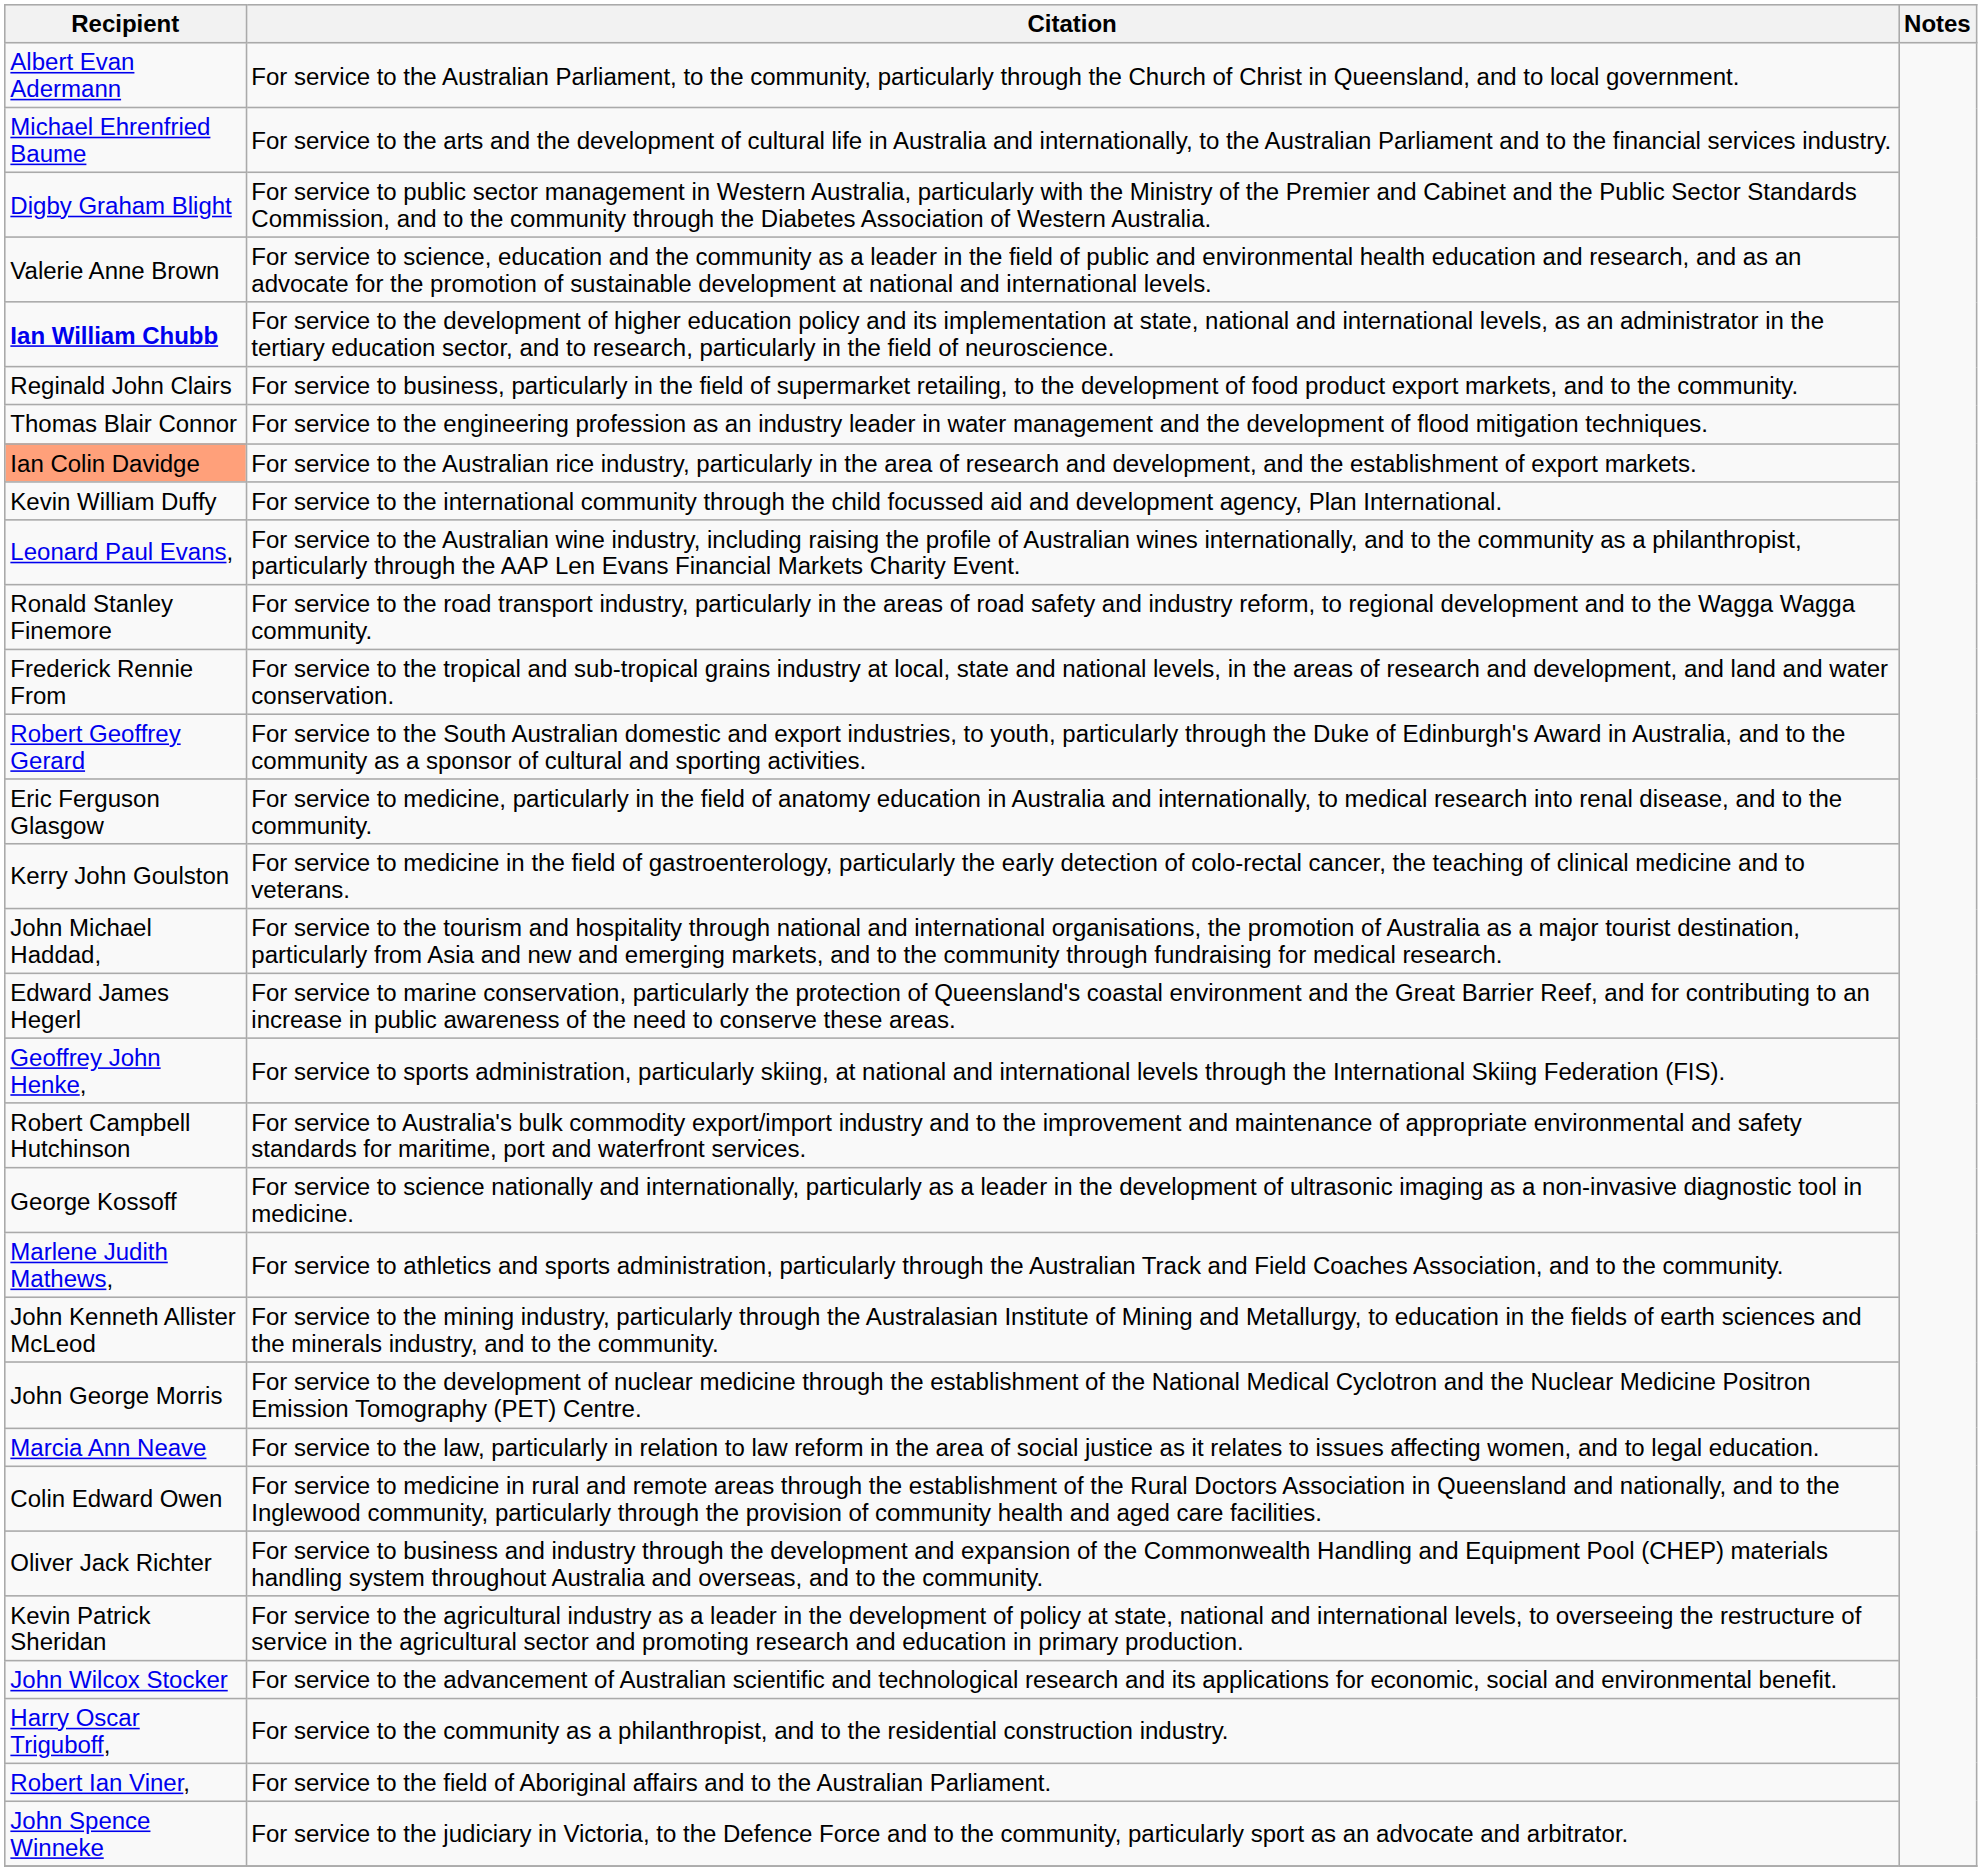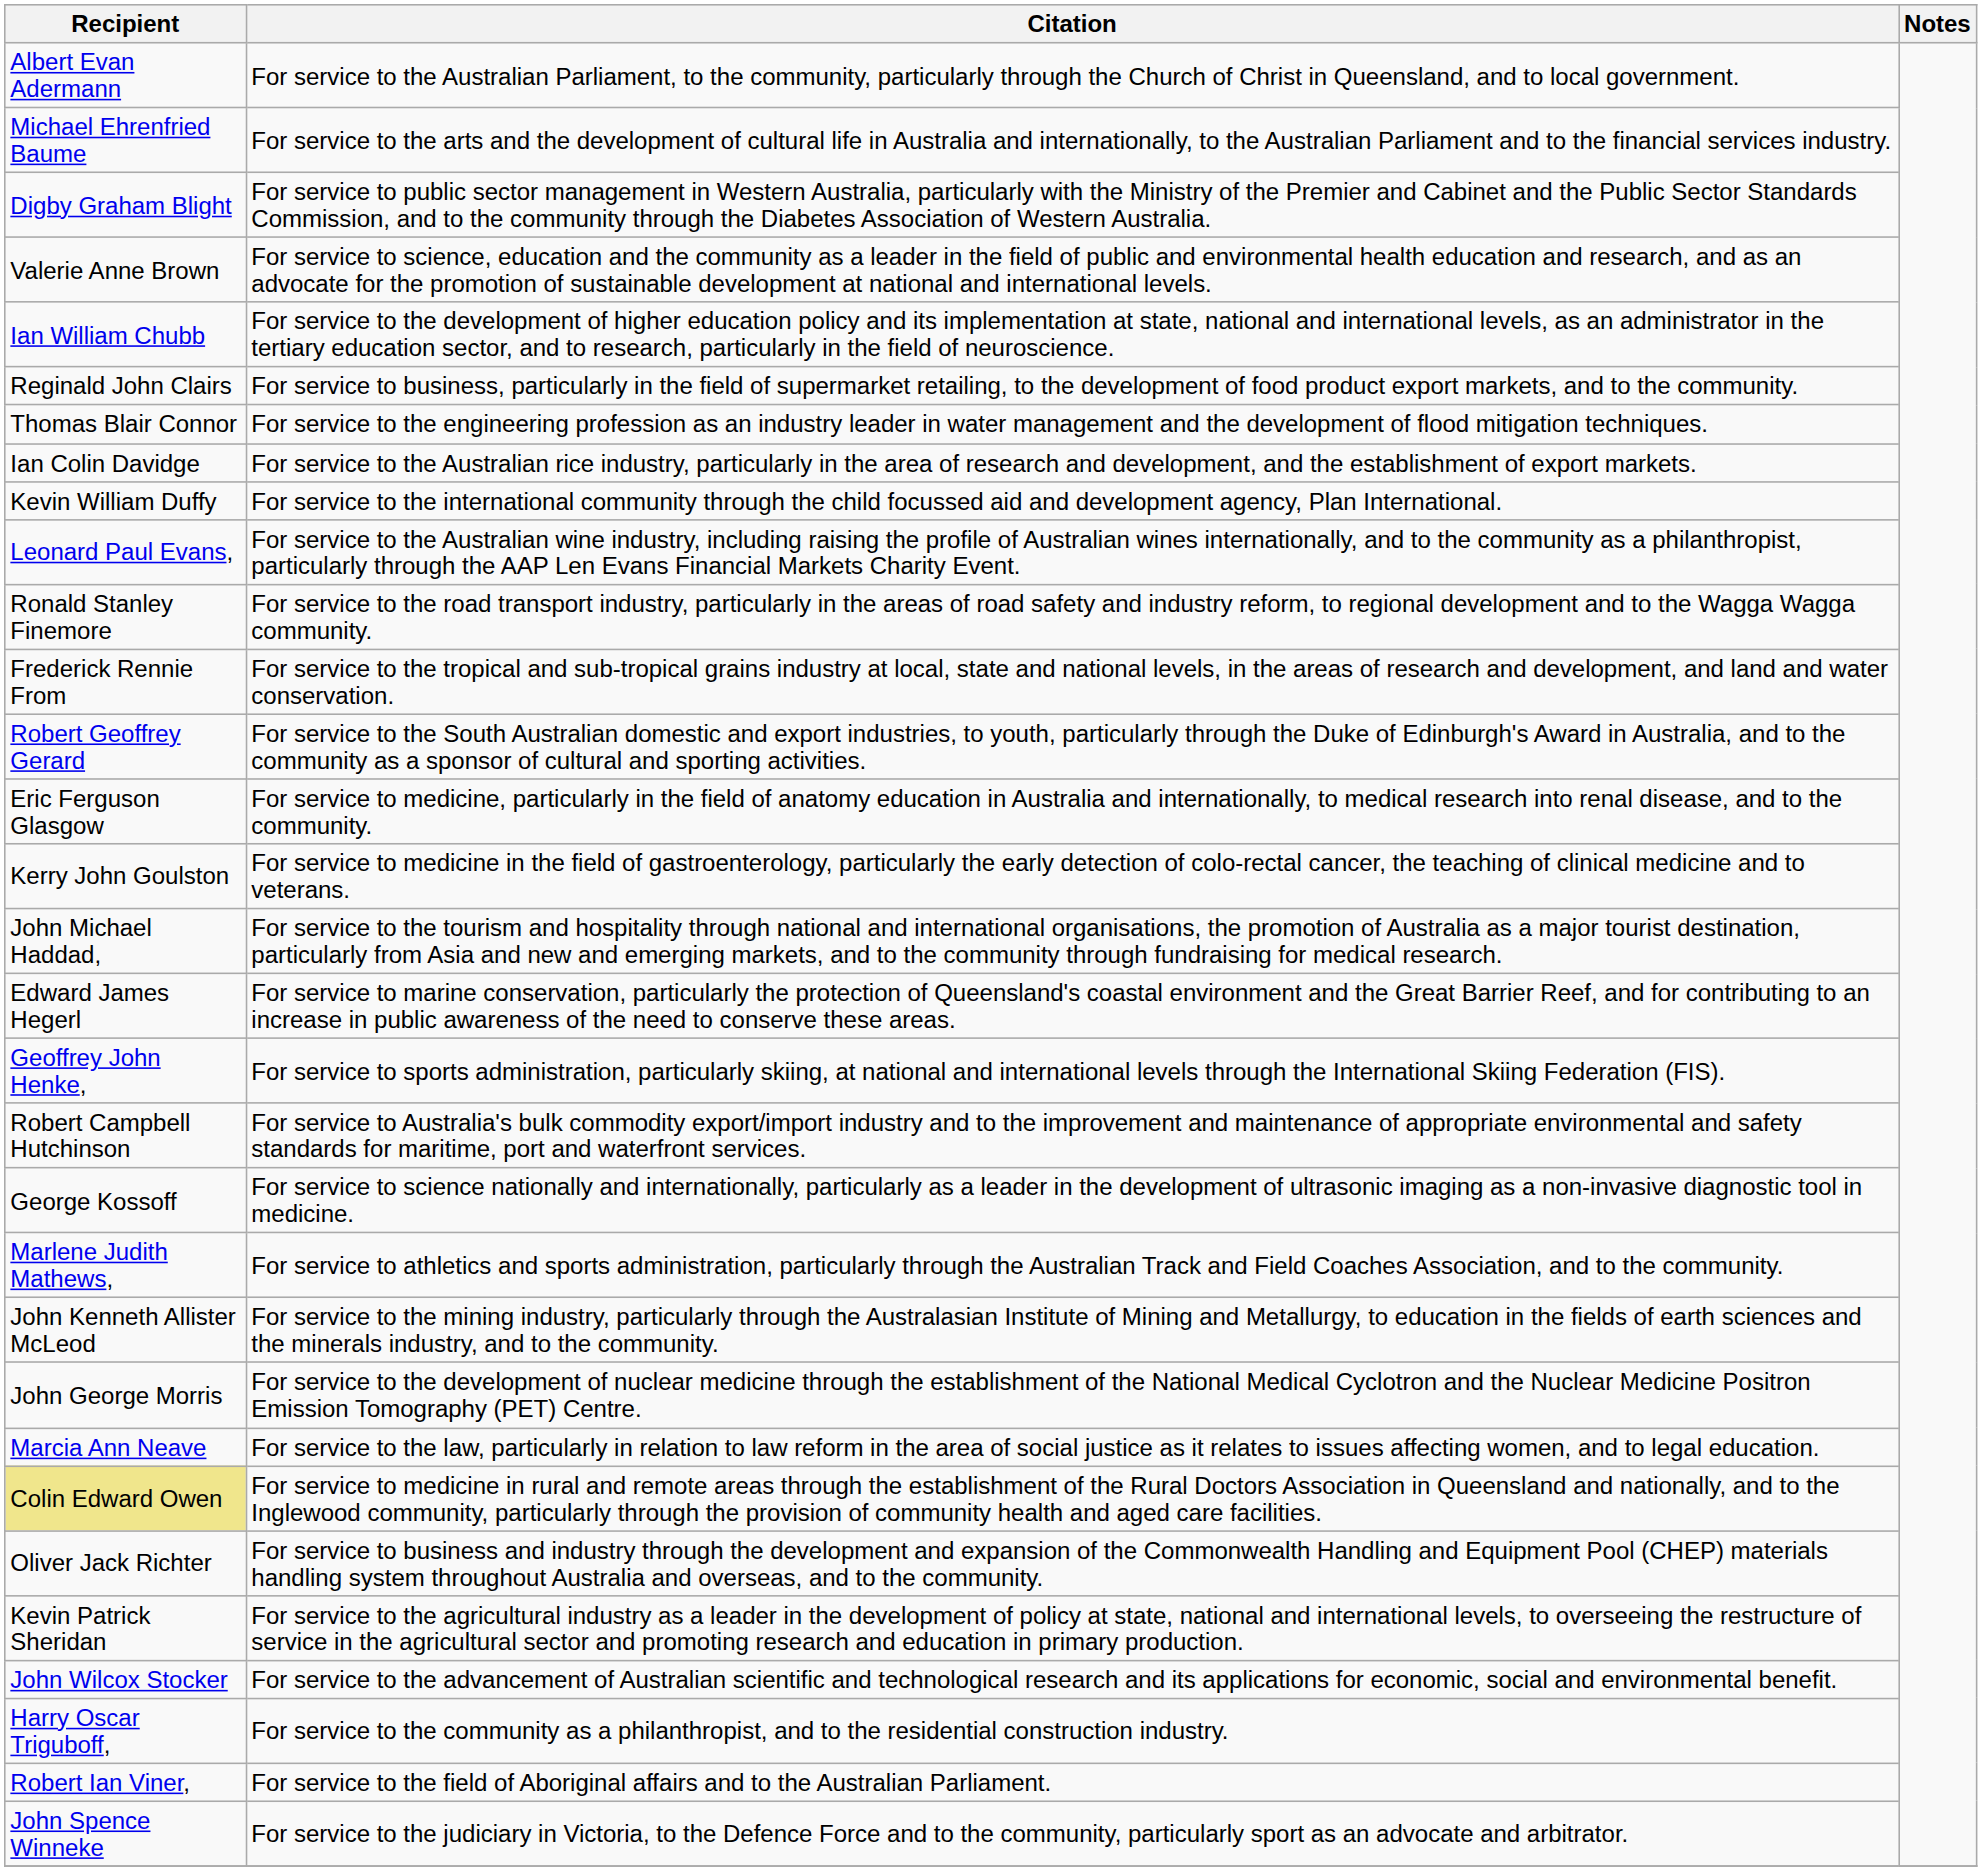 <table class="wikitable" style="font-size:95%;">
 <tr>
 <th>Recipient</th>
 <th>Citation</th>
 <th>Notes</th>
 </tr>
 <tr>
 <td> <a href='#'>Albert Evan Adermann</a></td>
 <td>For service to the Australian Parliament, to the community, particularly through the Church of Christ in Queensland, and to local government.</td>
 <td rowspan=31></td>
 </tr>
 <tr>
 <td><a href='#'>Michael Ehrenfried Baume</a></td>
 <td>For service to the arts and the development of cultural life in Australia and internationally, to the Australian Parliament and to the financial services industry.</td>
 </tr>
 <tr>
 <td><a href='#'>Digby Graham Blight</a></td>
 <td>For service to public sector management in Western Australia, particularly with the Ministry of the Premier and Cabinet and the Public Sector Standards Commission, and to the community through the Diabetes Association of Western Australia.</td>
 </tr>
 <tr>
 <td> Valerie Anne Brown</td>
 <td>For service to science, education and the community as a leader in the field of public and environmental health education and research, and as an advocate for the promotion of sustainable development at national and international levels.</td>
 </tr>
 <tr>
-<td><strong> <a href='#'>Ian William Chubb</a></strong></td>
+<td> <a href='#'>Ian William Chubb</a></td>
 <td>For service to the development of higher education policy and its implementation at state, national and international levels, as an administrator in the tertiary education sector, and to research, particularly in the field of neuroscience.</td>
 </tr>
 <tr>
 <td>Reginald John Clairs</td>
 <td>For service to business, particularly in the field of supermarket retailing, to the development of food product export markets, and to the community.</td>
 </tr>
 <tr>
 <td> Thomas Blair Connor</td>
 <td>For service to the engineering profession as an industry leader in water management and the development of flood mitigation techniques.</td>
 </tr>
 <tr>
-<td style="background: lightsalmon;">Ian Colin Davidge</td>
+<td>Ian Colin Davidge</td>
 <td>For service to the Australian rice industry, particularly in the area of research and development, and the establishment of export markets.</td>
 </tr>
 <tr>
 <td>Kevin William Duffy</td>
 <td>For service to the international community through the child focussed aid and development agency, Plan International.</td>
 </tr>
 <tr>
 <td><a href='#'>Leonard Paul Evans</a>, </td>
 <td>For service to the Australian wine industry, including raising the profile of Australian wines internationally, and to the community as a philanthropist, particularly through the AAP Len Evans Financial Markets Charity Event.</td>
 </tr>
 <tr>
 <td>Ronald Stanley Finemore</td>
 <td>For service to the road transport industry, particularly in the areas of road safety and industry reform, to regional development and to the Wagga Wagga community.</td>
 </tr>
 <tr>
 <td>Frederick Rennie From</td>
 <td>For service to the tropical and sub-tropical grains industry at local, state and national levels, in the areas of research and development, and land and water conservation.</td>
 </tr>
 <tr>
 <td><a href='#'>Robert Geoffrey Gerard</a></td>
 <td>For service to the South Australian domestic and export industries, to youth, particularly through the Duke of Edinburgh's Award in Australia, and to the community as a sponsor of cultural and sporting activities.</td>
 </tr>
 <tr>
 <td> Eric Ferguson Glasgow</td>
 <td>For service to medicine, particularly in the field of anatomy education in Australia and internationally, to medical research into renal disease, and to the community.</td>
 </tr>
 <tr>
 <td> Kerry John Goulston</td>
 <td>For service to medicine in the field of gastroenterology, particularly the early detection of colo-rectal cancer, the teaching of clinical medicine and to veterans.</td>
 </tr>
 <tr>
 <td>John Michael Haddad, </td>
 <td>For service to the tourism and hospitality through national and international organisations, the promotion of Australia as a major tourist destination, particularly from Asia and new and emerging markets, and to the community through fundraising for medical research.</td>
 </tr>
 <tr>
 <td>Edward James Hegerl</td>
 <td>For service to marine conservation, particularly the protection of Queensland's coastal environment and the Great Barrier Reef, and for contributing to an increase in public awareness of the need to conserve these areas.</td>
 </tr>
 <tr>
 <td><a href='#'>Geoffrey John Henke</a>, </td>
 <td>For service to sports administration, particularly skiing, at national and international levels through the International Skiing Federation (FIS).</td>
 </tr>
 <tr>
 <td>Robert Campbell Hutchinson</td>
 <td>For service to Australia's bulk commodity export/import industry and to the improvement and maintenance of appropriate environmental and safety standards for maritime, port and waterfront services.</td>
 </tr>
 <tr>
 <td> George Kossoff</td>
 <td>For service to science nationally and internationally, particularly as a leader in the development of ultrasonic imaging as a non-invasive diagnostic tool in medicine.</td>
 </tr>
 <tr>
 <td><a href='#'>Marlene Judith Mathews</a>, </td>
 <td>For service to athletics and sports administration, particularly through the Australian Track and Field Coaches Association, and to the community.</td>
 </tr>
 <tr>
 <td>John Kenneth Allister McLeod</td>
 <td>For service to the mining industry, particularly through the Australasian Institute of Mining and Metallurgy, to education in the fields of earth sciences and the minerals industry, and to the community.</td>
 </tr>
 <tr>
 <td> John George Morris</td>
 <td>For service to the development of nuclear medicine through the establishment of the National Medical Cyclotron and the Nuclear Medicine Positron Emission Tomography (PET) Centre.</td>
 </tr>
 <tr>
 <td> <a href='#'>Marcia Ann Neave</a></td>
 <td>For service to the law, particularly in relation to law reform in the area of social justice as it relates to issues affecting women, and to legal education.</td>
 </tr>
 <tr>
-<td> Colin Edward Owen</td>
+<td style="background: khaki;"> Colin Edward Owen</td>
 <td>For service to medicine in rural and remote areas through the establishment of the Rural Doctors Association in Queensland and nationally, and to the Inglewood community, particularly through the provision of community health and aged care facilities.</td>
 </tr>
 <tr>
 <td>Oliver Jack Richter</td>
 <td>For service to business and industry through the development and expansion of the Commonwealth Handling and Equipment Pool (CHEP) materials handling system throughout Australia and overseas, and to the community.</td>
 </tr>
 <tr>
 <td> Kevin Patrick Sheridan</td>
 <td>For service to the agricultural industry as a leader in the development of policy at state, national and international levels, to overseeing the restructure of service in the agricultural sector and promoting research and education in primary production.</td>
 </tr>
 <tr>
 <td> <a href='#'>John Wilcox Stocker</a></td>
 <td>For service to the advancement of Australian scientific and technological research and its applications for economic, social and environmental benefit.</td>
 </tr>
 <tr>
 <td><a href='#'>Harry Oscar Triguboff</a>, </td>
 <td>For service to the community as a philanthropist, and to the residential construction industry.</td>
 </tr>
 <tr>
 <td> <a href='#'>Robert Ian Viner</a>, </td>
 <td>For service to the field of Aboriginal affairs and to the Australian Parliament.</td>
 </tr>
 <tr>
 <td> <a href='#'>John Spence Winneke</a></td>
 <td>For service to the judiciary in Victoria, to the Defence Force and to the community, particularly sport as an advocate and arbitrator.</td>
 </tr>
 <tr>
 </tr>
 </table>
